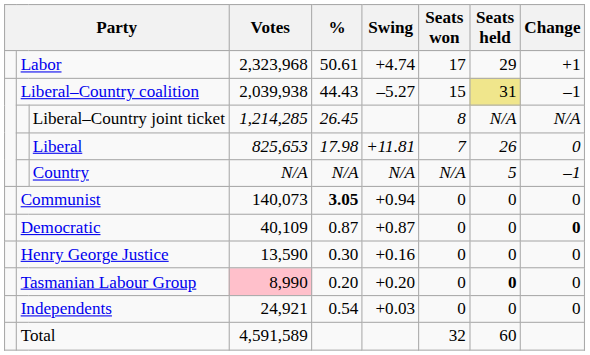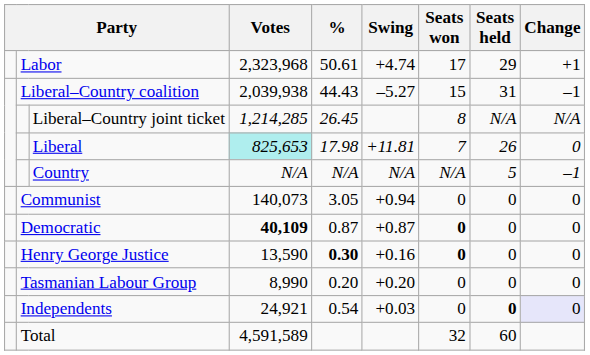 <table class="wikitable">
 <tr>
 <th colspan=3 style="width:180px">Party</th>
 <th style="width:70px">Votes</th>
 <th style="width:40px">%</th>
 <th style="width:40px">Swing</th>
 <th style="width:40px">Seats won</th>
 <th style="width:40px">Seats held</th>
 <th style="width:40px">Change</th>
 </tr>
 <tr>
 <td> </td>
 <td colspan=2><a href='#'>Labor</a></td>
 <td align=right>2,323,968</td>
 <td align=right>50.61</td>
 <td align=right>+4.74</td>
 <td align=right>17</td>
 <td align=right>29</td>
 <td align=right>+1</td>
 </tr>
 <tr>
 <td rowspan=4> </td>
 <td colspan=2><a href='#'>Liberal–Country coalition</a></td>
 <td align=right>2,039,938</td>
 <td align=right>44.43</td>
 <td align=right>–5.27</td>
 <td align=right>15</td>
-<td align=right style="background: khaki;">31</td>
+<td align=right>31</td>
 <td align=right>–1</td>
 </tr>
 <tr>
 <td> </td>
 <td>Liberal–Country joint ticket</td>
 <td align=right><em>1,214,285</em></td>
 <td align=right><em>26.45</em></td>
 <td align=right></td>
 <td align=right><em>8</em></td>
 <td align=right><em>N/A</em></td>
 <td align=right><em>N/A</em></td>
 </tr>
 <tr>
 <td> </td>
 <td><a href='#'>Liberal</a></td>
-<td align=right><em>825,653</em></td>
+<td align=right style="background: paleturquoise;"><em>825,653</em></td>
 <td align=right><em>17.98</em></td>
 <td align=right><em>+11.81</em></td>
 <td align=right><em>7</em></td>
 <td align=right><em>26</em></td>
 <td align=right><em>0</em></td>
 </tr>
 <tr>
 <td> </td>
 <td><a href='#'>Country</a></td>
 <td align=right><em>N/A</em></td>
 <td align=right><em>N/A</em></td>
 <td align=right><em>N/A</em></td>
 <td align=right><em>N/A</em></td>
 <td align=right><em>5</em></td>
 <td align=right><em>–1</em></td>
 </tr>
 <tr>
 <td> </td>
 <td colspan=2><a href='#'>Communist</a></td>
 <td align=right>140,073</td>
-<td align=right><strong>3.05</strong></td>
+<td align=right>3.05</td>
 <td align=right>+0.94</td>
 <td align=right>0</td>
 <td align=right>0</td>
 <td align=right>0</td>
 </tr>
 <tr>
 <td> </td>
 <td colspan=2><a href='#'>Democratic</a></td>
-<td align=right>40,109</td>
+<td align=right><strong>40,109</strong></td>
 <td align=right>0.87</td>
 <td align=right>+0.87</td>
+<td align=right><strong>0</strong></td>
 <td align=right>0</td>
 <td align=right>0</td>
-<td align=right><strong>0</strong></td>
 </tr>
 <tr>
 <td> </td>
 <td colspan=2><a href='#'>Henry George Justice</a></td>
 <td align=right>13,590</td>
-<td align=right>0.30</td>
+<td align=right><strong>0.30</strong></td>
 <td align=right>+0.16</td>
-<td align=right>0</td>
+<td align=right><strong>0</strong></td>
 <td align=right>0</td>
 <td align=right>0</td>
 </tr>
 <tr>
 <td> </td>
 <td colspan=2><a href='#'>Tasmanian Labour Group</a></td>
-<td align=right style="background: pink;">8,990</td>
+<td align=right>8,990</td>
 <td align=right>0.20</td>
 <td align=right>+0.20</td>
 <td align=right>0</td>
-<td align=right><strong>0</strong></td>
+<td align=right>0</td>
 <td align=right>0</td>
 </tr>
 <tr>
 <td> </td>
 <td colspan=2><a href='#'>Independents</a></td>
 <td align=right>24,921</td>
 <td align=right>0.54</td>
 <td align=right>+0.03</td>
 <td align=right>0</td>
-<td align=right>0</td>
-<td align=right>0</td>
+<td align=right><strong>0</strong></td>
+<td align=right style="background: lavender;">0</td>
 </tr>
 <tr>
 <td> </td>
 <td colspan=2>Total</td>
 <td align=right>4,591,589</td>
 <td align=right> </td>
 <td align=right> </td>
 <td align=right>32</td>
 <td align=right>60</td>
 <td align=right></td>
 </tr>
 </table>
